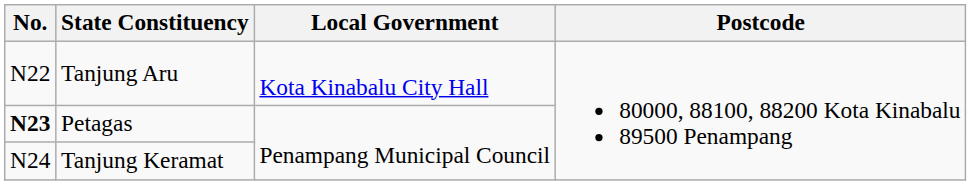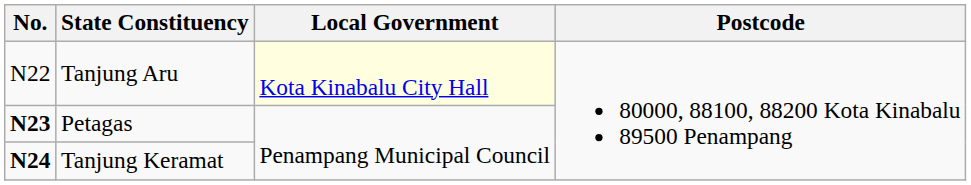 <table class="wikitable">
 <tr>
 <th>No.</th>
 <th>State Constituency</th>
 <th>Local Government</th>
 <th>Postcode</th>
 </tr>
 <tr>
 <td>N22</td>
 <td>Tanjung Aru</td>
-<td><br><a href='#'>Kota Kinabalu City Hall</a></td>
+<td style="background: lightyellow;"><br><a href='#'>Kota Kinabalu City Hall</a></td>
 <td rowspan="3"><br><ul><li>80000, 88100, 88200 Kota Kinabalu</li><li>89500 Penampang</li></ul></td>
 </tr>
 <tr>
 <td><strong>N23</strong></td>
 <td>Petagas</td>
 <td rowspan="2"><br>Penampang Municipal Council</td>
 </tr>
 <tr>
-<td>N24</td>
+<td><strong>N24</strong></td>
 <td>Tanjung Keramat</td>
 </tr>
 </table>
